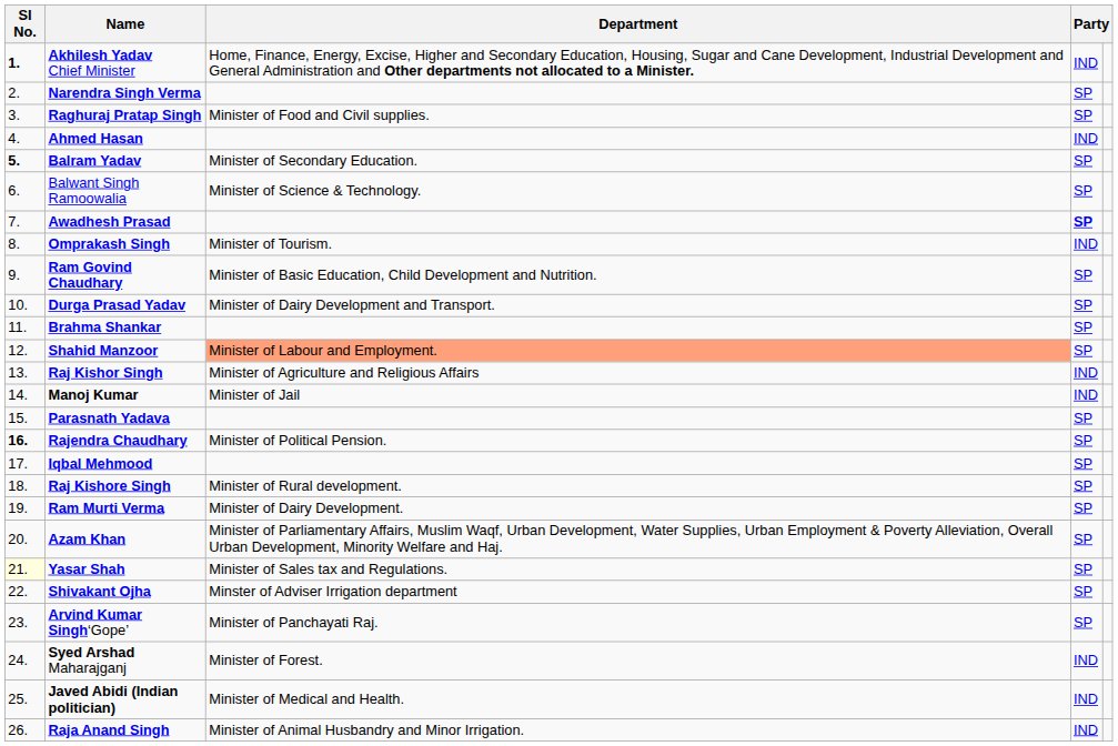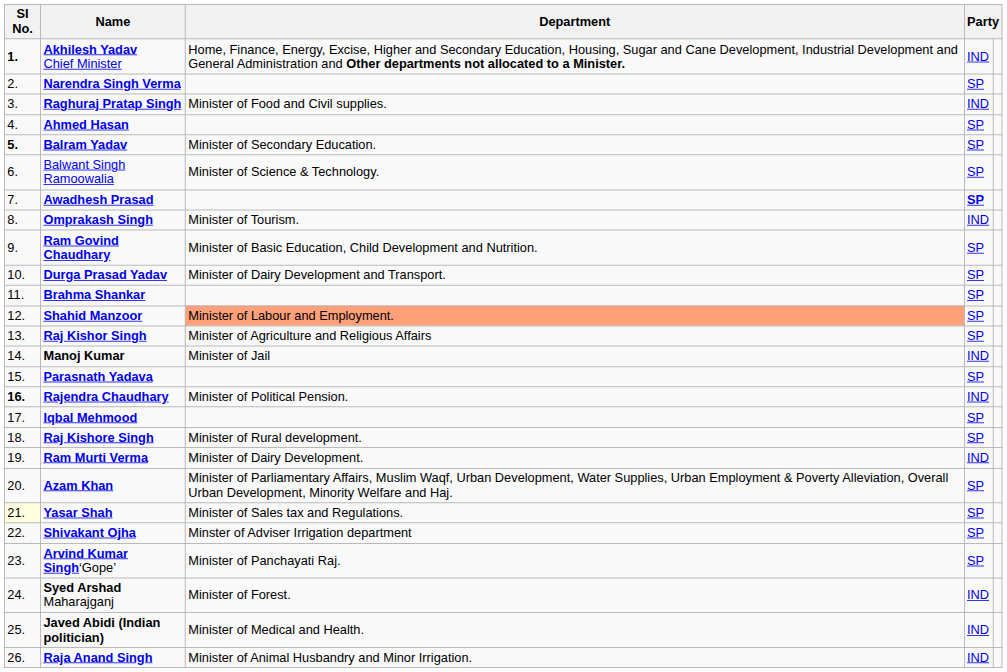 <table class="wikitable sortable">
 <tr>
 <th>SI No.</th>
 <th>Name</th>
 <th>Department</th>
 <th colspan="2" scope="col">Party</th>
 </tr>
 <tr>
 <td><strong>1.</strong></td>
 <td><strong><a href='#'>Akhilesh Yadav</a></strong><br><a href='#'>Chief Minister</a></td>
 <td>Home, Finance, Energy, Excise, Higher and Secondary Education, Housing, Sugar and Cane Development, Industrial Development and General Administration and <strong>Other departments not allocated to a Minister.</strong></td>
 <td><a href='#'>IND</a></td>
 <td width="4px" style="background-color: "></td>
 </tr>
 <tr>
 <td>2.</td>
 <td><strong><a href='#'>Narendra Singh Verma </a></strong></td>
 <td></td>
 <td><a href='#'>SP</a></td>
 <td width="4px" style="background-color: "></td>
 </tr>
 <tr>
 <td>3.</td>
 <td><strong><a href='#'>Raghuraj Pratap Singh</a></strong></td>
 <td>Minister of Food and Civil supplies.</td>
-<td><a href='#'>SP</a></td>
+<td><a href='#'>IND</a></td>
 <td width="4px" style="background-color: "></td>
 </tr>
 <tr>
 <td>4.</td>
 <td><strong><a href='#'>Ahmed Hasan</a></strong></td>
 <td></td>
-<td><a href='#'>IND</a></td>
+<td><a href='#'>SP</a></td>
 <td width="4px" style="background-color: "></td>
 </tr>
 <tr>
 <td><strong>5.</strong></td>
 <td><strong><a href='#'>Balram Yadav</a></strong></td>
 <td>Minister of Secondary Education.</td>
 <td><a href='#'>SP</a></td>
 <td width="4px" style="background-color: "></td>
 </tr>
 <tr>
 <td>6.</td>
 <td><a href='#'>Balwant Singh Ramoowalia</a></td>
 <td>Minister of Science & Technology.</td>
 <td><a href='#'>SP</a></td>
 <td width="4px" style="background-color: "></td>
 </tr>
 <tr>
 <td>7.</td>
 <td><strong><a href='#'>Awadhesh Prasad</a></strong></td>
 <td></td>
 <td><strong><a href='#'>SP</a></strong></td>
 <td width="4px" style="background-color: "></td>
 </tr>
 <tr>
 <td>8.</td>
 <td><strong><a href='#'>Omprakash Singh</a></strong></td>
 <td>Minister of Tourism.</td>
 <td><a href='#'>IND</a></td>
 <td width="4px" style="background-color: "></td>
 </tr>
 <tr>
 <td>9.</td>
 <td><strong><a href='#'>Ram Govind Chaudhary</a></strong></td>
 <td>Minister of Basic Education, Child Development and Nutrition.</td>
 <td><a href='#'>SP</a></td>
 <td width="4px" style="background-color: "></td>
 </tr>
 <tr>
 <td>10.</td>
 <td><strong><a href='#'>Durga Prasad Yadav</a></strong></td>
 <td>Minister of Dairy Development and Transport.</td>
 <td><a href='#'>SP</a></td>
 <td width="4px" style="background-color: "></td>
 </tr>
 <tr>
 <td>11.</td>
 <td><strong><a href='#'>Brahma Shankar</a></strong></td>
 <td></td>
 <td><a href='#'>SP</a></td>
 <td width="4px" style="background-color: "></td>
 </tr>
 <tr>
 <td>12.</td>
 <td><strong><a href='#'>Shahid Manzoor</a></strong></td>
 <td style="background: lightsalmon;">Minister of Labour and Employment.</td>
 <td><a href='#'>SP</a></td>
 <td width="4px" style="background-color: "></td>
 </tr>
 <tr>
 <td>13.</td>
 <td><strong><a href='#'>Raj Kishor Singh</a></strong></td>
 <td>Minister of Agriculture and Religious Affairs</td>
-<td><a href='#'>IND</a></td>
+<td><a href='#'>SP</a></td>
 <td width="4px" style="background-color: "></td>
 </tr>
 <tr>
 <td>14.</td>
 <td><strong>Manoj Kumar</strong></td>
 <td>Minister of Jail</td>
 <td><a href='#'>IND</a></td>
 <td width="4px" style="background-color: "></td>
 </tr>
 <tr>
 <td>15.</td>
 <td><strong><a href='#'>Parasnath Yadava</a></strong></td>
 <td></td>
 <td><a href='#'>SP</a></td>
 <td width="4px" style="background-color: "></td>
 </tr>
 <tr>
 <td><strong>16.</strong></td>
 <td><strong><a href='#'>Rajendra Chaudhary</a></strong></td>
 <td>Minister of Political Pension.</td>
-<td><a href='#'>SP</a></td>
+<td><a href='#'>IND</a></td>
 <td width="4px" style="background-color: "></td>
 </tr>
 <tr>
 <td>17.</td>
 <td><strong><a href='#'>Iqbal Mehmood</a></strong></td>
 <td></td>
 <td><a href='#'>SP</a></td>
 <td width="4px" style="background-color: "></td>
 </tr>
 <tr>
 <td>18.</td>
 <td><strong><a href='#'>Raj Kishore Singh</a></strong></td>
 <td>Minister of Rural development.</td>
 <td><a href='#'>SP</a></td>
 <td width="4px" style="background-color: "></td>
 </tr>
 <tr>
 <td>19.</td>
 <td><strong><a href='#'>Ram Murti Verma</a></strong></td>
 <td>Minister of Dairy Development.</td>
-<td><a href='#'>SP</a></td>
+<td><a href='#'>IND</a></td>
 <td width="4px" style="background-color: "></td>
 </tr>
 <tr>
 <td>20.</td>
 <td><strong><a href='#'>Azam Khan</a></strong></td>
 <td>Minister of Parliamentary Affairs, Muslim Waqf, Urban Development, Water Supplies, Urban Employment & Poverty Alleviation, Overall Urban Development, Minority Welfare and Haj.</td>
 <td><a href='#'>SP</a></td>
 <td width="4px" style="background-color: "></td>
 </tr>
 <tr>
 <td style="background: lightyellow;">21.</td>
 <td><strong><a href='#'>Yasar Shah</a></strong></td>
 <td>Minister of Sales tax and Regulations.</td>
 <td><a href='#'>SP</a></td>
 <td width="4px" style="background-color: "></td>
 </tr>
 <tr>
 <td>22.</td>
 <td><strong><a href='#'>Shivakant Ojha</a></strong></td>
 <td>Minster of Adviser Irrigation department</td>
 <td><a href='#'>SP</a></td>
 <td width="4px" style="background-color: "></td>
 </tr>
 <tr>
 <td>23.</td>
 <td><strong><a href='#'>Arvind Kumar Singh</a></strong>‘Gope’</td>
 <td>Minister of Panchayati Raj.</td>
 <td><a href='#'>SP</a></td>
 <td width="4px" style="background-color: "></td>
 </tr>
 <tr>
 <td>24.</td>
 <td><strong>Syed Arshad</strong><br>Maharajganj</td>
 <td>Minister of Forest.</td>
 <td><a href='#'>IND</a></td>
 <td width="4px" style="background-color: "></td>
 </tr>
 <tr>
 <td>25.</td>
 <td><strong>Javed Abidi (Indian politician)</strong></td>
 <td>Minister of Medical and Health.</td>
 <td><a href='#'>IND</a></td>
 <td width="4px" style="background-color: "></td>
 </tr>
 <tr>
 <td>26.</td>
 <td><a href='#'><strong>Raja Anand Singh</strong></a></td>
 <td>Minister of Animal Husbandry and Minor Irrigation.</td>
 <td><a href='#'>IND</a></td>
 <td width="4px" style="background-color: "></td>
 </tr>
 </table>
